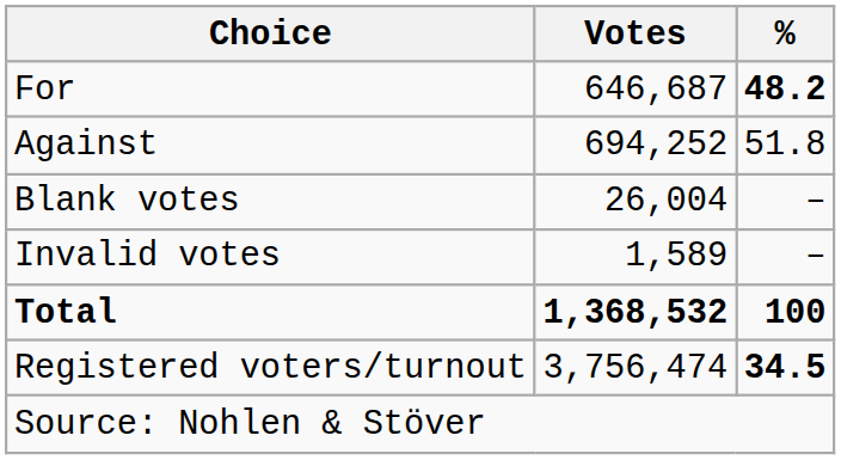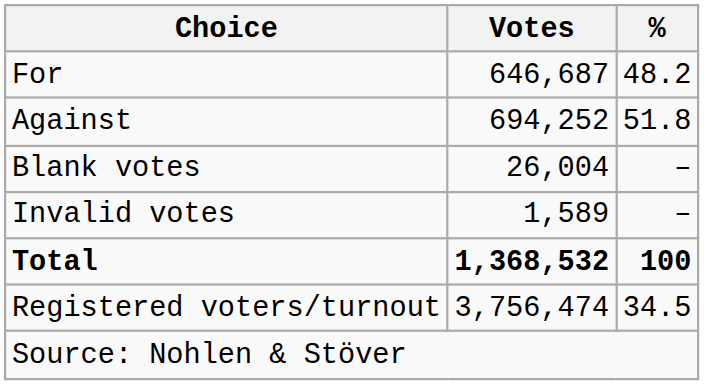 <table class=wikitable style=text-align:right>
 <tr>
 <th>Choice</th>
 <th>Votes</th>
 <th>%</th>
 </tr>
 <tr>
 <td align=left>For</td>
 <td>646,687</td>
-<td><strong>48.2</strong></td>
+<td>48.2</td>
 </tr>
 <tr>
 <td align=left>Against</td>
 <td>694,252</td>
 <td>51.8</td>
 </tr>
 <tr>
 <td align=left>Blank votes</td>
 <td>26,004</td>
 <td>–</td>
 </tr>
 <tr>
 <td align=left>Invalid votes</td>
 <td>1,589</td>
 <td>–</td>
 </tr>
 <tr>
 <td align=left><strong>Total</strong></td>
 <td><strong>1,368,532</strong></td>
 <td><strong>100</strong></td>
 </tr>
 <tr>
 <td align=left>Registered voters/turnout</td>
 <td>3,756,474</td>
-<td><strong>34.5</strong></td>
+<td>34.5</td>
 </tr>
 <tr>
 <td align=left colspan=3>Source: Nohlen & Stöver</td>
 </tr>
 </table>
